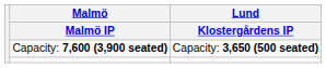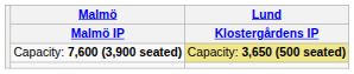 <table class="wikitable" style="text-align:center">
 <tr>
 <th rowspan="4"></th>
 <th><a href='#'>Malmö</a></th>
 <th><a href='#'>Lund</a></th>
 </tr>
 <tr>
 <th><a href='#'>Malmö IP</a></th>
 <th><a href='#'>Klostergårdens IP</a></th>
 </tr>
 <tr>
 <td>Capacity: <strong>7,600 (3,900 seated)</strong></td>
-<td>Capacity: <strong>3,650 (500 seated)</strong></td>
+<td style="background: khaki;">Capacity: <strong>3,650 (500 seated)</strong></td>
 </tr>
 <tr>
 <td></td>
 <td></td>
 </tr>
 </table>
